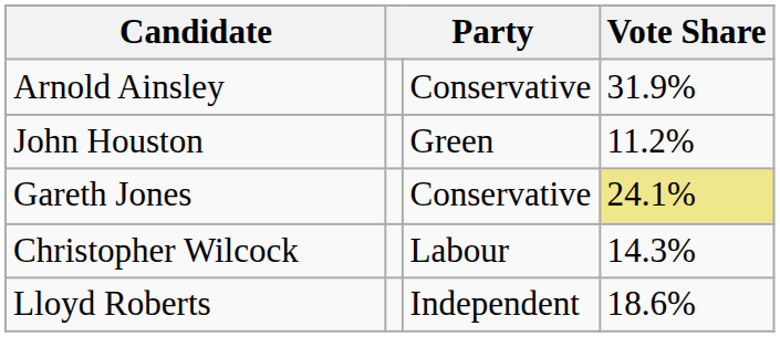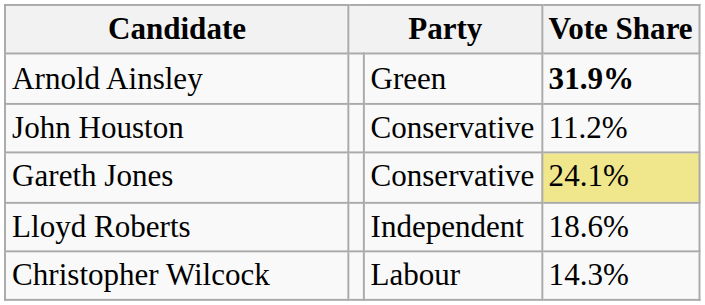 <table class="wikitable">
 <tr>
 <th width="170">Candidate</th>
 <th colspan="2">Party</th>
 <th>Vote Share</th>
 </tr>
 <tr>
 <td>Arnold Ainsley</td>
 <td style="color:inherit;background:"></td>
-<td>Conservative</td>
-<td>31.9%</td>
+<td>Green</td>
+<td><strong>31.9%</strong></td>
 </tr>
 <tr>
 <td>John Houston</td>
 <td style="color:inherit;background:"></td>
-<td>Green</td>
+<td>Conservative</td>
 <td>11.2%</td>
 </tr>
 <tr>
 <td>Gareth Jones</td>
 <td style="color:inherit;background:"></td>
 <td>Conservative</td>
 <td style="background: khaki;">24.1%</td>
 </tr>
 <tr>
+<td>Lloyd Roberts</td>
+<td></td>
+<td>Independent</td>
+<td>18.6%</td>
+</tr>
+<tr>
 <td>Christopher Wilcock</td>
 <td style="color:inherit;background:"></td>
 <td>Labour</td>
 <td>14.3%</td>
 </tr>
-<tr>
-<td>Lloyd Roberts</td>
-<td></td>
-<td>Independent</td>
-<td>18.6%</td>
-</tr>
 </table>
